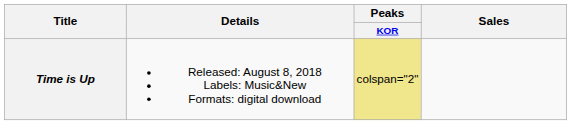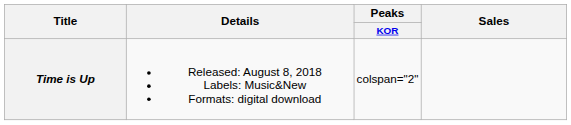 <table class="wikitable plainrowheaders" style="text-align:center;">
 <tr>
 <th scope="col" rowspan="2" style="width:10em;">Title</th>
 <th scope="col" rowspan="2" style="width:19em;">Details</th>
 <th scope="col" colspan="1">Peaks</th>
 <th scope="col" rowspan="2" style="width:12em;">Sales</th>
 </tr>
 <tr>
 <th scope="col" style="width:3em;font-size:85%;"><a href='#'>KOR</a></th>
 </tr>
 <tr>
 <th scope="row"><em>Time is Up</em></th>
 <td><br><ul><li>Released: August 8, 2018</li><li>Labels: Music&New</li><li>Formats: digital download</li></ul></td>
-<td style="background: khaki;">colspan="2" </td>
+<td>colspan="2" </td>
 </tr>
 </table>
